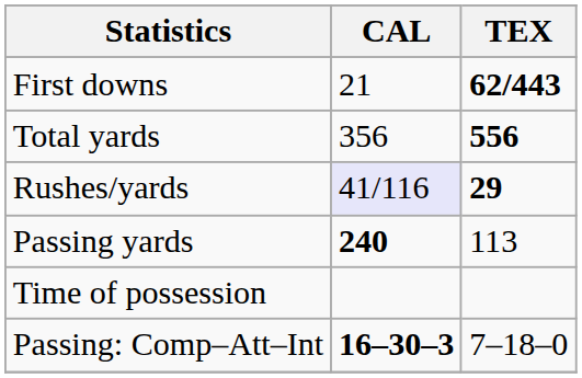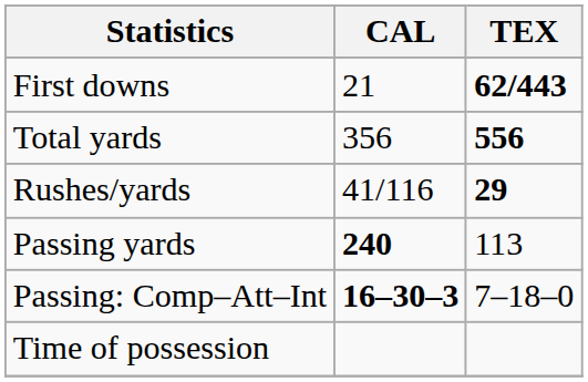 <table class="wikitable" style="float: left;">
 <tr>
 <th>Statistics</th>
 <th>CAL</th>
 <th>TEX</th>
 </tr>
 <tr>
 <td>First downs</td>
 <td>21</td>
 <td><strong>62/443</strong></td>
 </tr>
 <tr>
 <td>Total yards</td>
 <td>356</td>
 <td><strong>556</strong></td>
 </tr>
 <tr>
 <td>Rushes/yards</td>
-<td style="background: lavender;">41/116</td>
+<td>41/116</td>
 <td><strong>29</strong></td>
 </tr>
 <tr>
 <td>Passing yards</td>
 <td><strong>240</strong></td>
 <td>113</td>
 </tr>
 <tr>
+<td>Passing: Comp–Att–Int</td>
+<td><strong>16–30–3</strong></td>
+<td>7–18–0</td>
+</tr>
+<tr>
 <td>Time of possession</td>
 <td></td>
 <td></td>
 </tr>
 <tr>
-<td>Passing: Comp–Att–Int</td>
-<td><strong>16–30–3</strong></td>
-<td>7–18–0</td>
-</tr>
-<tr>
 </tr>
 </table>
